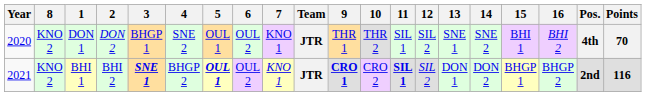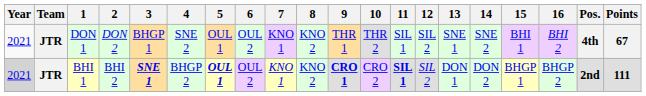 <table class="wikitable" border="1" style="text-align:center; font-size:90%;">
 <tr>
 <th>Year</th>
-<th>8</th>
+<th>Team</th>
 <th>1</th>
 <th>2</th>
 <th>3</th>
 <th>4</th>
 <th>5</th>
 <th>6</th>
 <th>7</th>
-<th>Team</th>
+<th>8</th>
 <th>9</th>
 <th>10</th>
 <th>11</th>
 <th>12</th>
 <th>13</th>
 <th>14</th>
 <th>15</th>
 <th>16</th>
 <th>Pos.</th>
 <th>Points</th>
 </tr>
 <tr>
-<td><a href='#'>2020</a></td>
-<td style="background:#DFFFDF;"><a href='#'>KNO<br>2</a><br></td>
+<td><a href='#'>2021</a></td>
+<th>JTR</th>
 <td style="background:#DFFFDF;"><a href='#'>DON<br>1</a><br></td>
 <td style="background:#DFFFDF;"><em><a href='#'>DON<br>2</a></em><br></td>
 <td style="background:#FFDF9F;"><a href='#'>BHGP<br>1</a><br></td>
 <td style="background:#DFFFDF;"><a href='#'>SNE<br>2</a><br></td>
 <td style="background:#FFDF9F;"><a href='#'>OUL<br>1</a><br></td>
 <td style="background:#DFFFDF;"><a href='#'>OUL<br>2</a><br></td>
 <td style="background:#EFCFFF;"><a href='#'>KNO<br>1</a><br></td>
-<th>JTR</th>
+<td style="background:#DFFFDF;"><a href='#'>KNO<br>2</a><br></td>
 <td style="background:#FFDF9F;"><a href='#'>THR<br>1</a><br></td>
 <td style="background:#DFDFDF;"><a href='#'>THR<br>2</a><br></td>
 <td style="background:#DFFFDF;"><a href='#'>SIL<br>1</a><br></td>
 <td style="background:#DFFFDF;"><a href='#'>SIL<br>2</a><br></td>
 <td style="background:#DFFFDF;"><a href='#'>SNE<br>1</a><br></td>
 <td style="background:#DFFFDF;"><a href='#'>SNE<br>2</a><br></td>
 <td style="background:#EFCFFF;"><a href='#'>BHI<br>1</a><br></td>
 <td style="background:#EFCFFF;"><em><a href='#'>BHI<br>2</a></em><br></td>
 <th>4th</th>
-<th>70</th>
+<th>67</th>
 </tr>
 <tr>
-<td><a href='#'>2021</a></td>
-<td style="background:#DFFFDF;"><a href='#'>KNO<br>2</a><br></td>
+<td style="background: lightgrey;"><a href='#'>2021</a></td>
+<th>JTR</th>
 <td style="background:#FFFFBF;"><a href='#'>BHI<br>1</a><br></td>
 <td style="background:#DFFFDF;"><a href='#'>BHI<br>2</a><br></td>
 <td style="background:#FFDF9F;"><strong><em><a href='#'>SNE<br>1</a></em></strong><br></td>
 <td style="background:#DFFFDF;"><a href='#'>BHGP<br>2</a><br></td>
 <td style="background:#FFFFBF;"><strong><em><a href='#'>OUL<br>1</a></em></strong><br></td>
 <td style="background:#EFCFFF;"><a href='#'>OUL<br>2</a><br></td>
 <td style="background:#FFFFBF;"><em><a href='#'>KNO<br>1</a></em><br></td>
-<th>JTR</th>
+<td style="background:#DFFFDF;"><a href='#'>KNO<br>2</a><br></td>
 <td style="background:#DFDFDF;"><strong><a href='#'>CRO<br>1</a><br></strong></td>
 <td style="background:#EFCFFF;"><a href='#'>CRO<br>2</a><br></td>
 <td style="background:#DFDFDF;"><strong><a href='#'>SIL<br>1</a></strong><br></td>
 <td style="background:#DFDFDF;"><em><a href='#'>SIL<br>2</a></em><br></td>
 <td style="background:#DFFFDF;"><a href='#'>DON<br>1</a><br></td>
 <td style="background:#DFFFDF;"><a href='#'>DON<br>2</a><br></td>
 <td style="background:#FFFFBF;"><a href='#'>BHGP<br>1</a><br></td>
 <td style="background:#DFFFDF;"><a href='#'>BHGP<br>2</a><br></td>
 <th style="background:#DFDFDF">2nd</th>
-<th style="background:#DFDFDF">116</th>
+<th style="background:#DFDFDF">111</th>
 </tr>
 </table>
